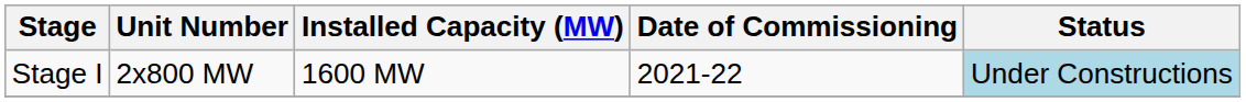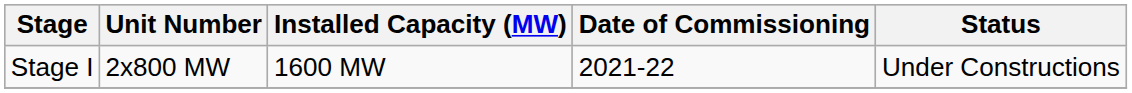 <table class="sortable wikitable">
 <tr>
 <th>Stage</th>
 <th>Unit Number</th>
 <th>Installed Capacity (<a href='#'>MW</a>)</th>
 <th>Date of Commissioning</th>
 <th>Status</th>
 </tr>
 <tr>
 <td>Stage I</td>
 <td>2x800 MW</td>
 <td>1600 MW</td>
 <td>2021-22</td>
-<td style="background: lightblue;">Under Constructions</td>
+<td>Under Constructions</td>
 </tr>
 <tr>
 </tr>
 </table>
